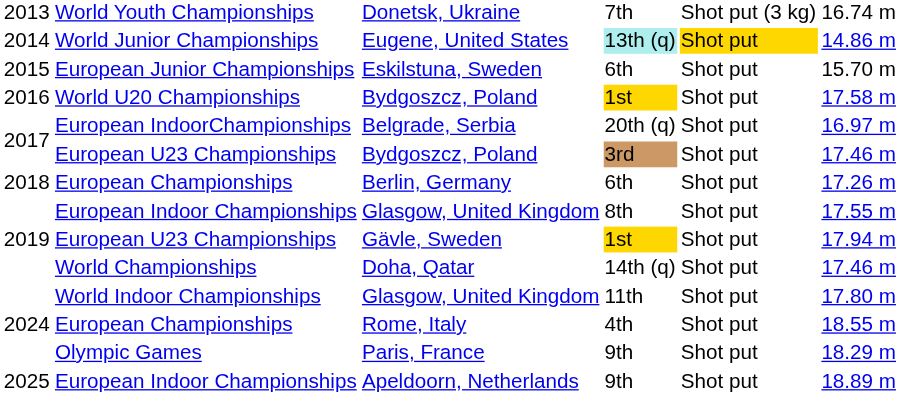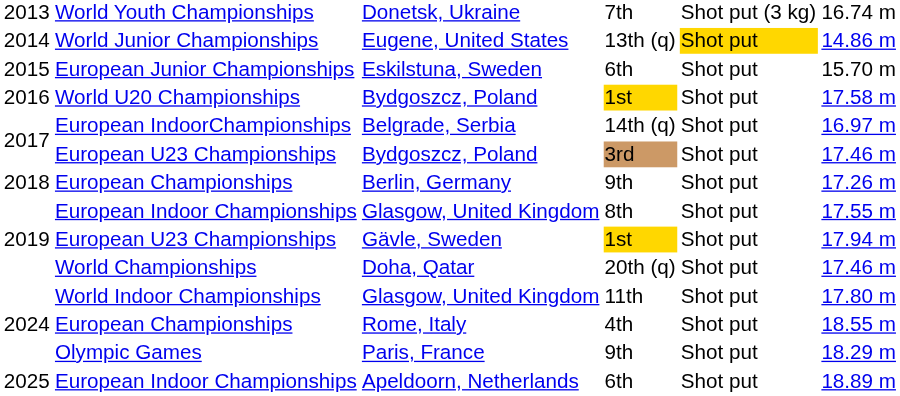 <table>
 <tr>
 <td>2013</td>
 <td><a href='#'>World Youth Championships</a></td>
 <td><a href='#'>Donetsk, Ukraine</a></td>
 <td>7th</td>
 <td>Shot put (3 kg)</td>
 <td>16.74 m</td>
 </tr>
 <tr>
 <td>2014</td>
 <td><a href='#'>World Junior Championships</a></td>
 <td><a href='#'>Eugene, United States</a></td>
-<td style="background: paleturquoise;">13th (q)</td>
+<td>13th (q)</td>
 <td style="background: gold;">Shot put</td>
 <td><a href='#'>14.86 m</a></td>
 </tr>
 <tr>
 <td>2015</td>
 <td><a href='#'>European Junior Championships</a></td>
 <td><a href='#'>Eskilstuna, Sweden</a></td>
 <td>6th</td>
 <td>Shot put</td>
 <td>15.70 m</td>
 </tr>
 <tr>
 <td>2016</td>
 <td><a href='#'>World U20 Championships</a></td>
 <td><a href='#'>Bydgoszcz, Poland</a></td>
 <td bgcolor=gold>1st</td>
 <td>Shot put</td>
 <td><a href='#'>17.58 m</a></td>
 </tr>
 <tr>
 <td rowspan=2>2017</td>
 <td><a href='#'>European IndoorChampionships</a></td>
 <td><a href='#'>Belgrade, Serbia</a></td>
-<td>20th (q)</td>
+<td>14th (q)</td>
 <td>Shot put</td>
 <td><a href='#'>16.97 m</a></td>
 </tr>
 <tr>
 <td><a href='#'>European U23 Championships</a></td>
 <td><a href='#'>Bydgoszcz, Poland</a></td>
 <td bgcolor=cc9966>3rd</td>
 <td>Shot put</td>
 <td><a href='#'>17.46 m</a></td>
 </tr>
 <tr>
 <td>2018</td>
 <td><a href='#'>European Championships</a></td>
 <td><a href='#'>Berlin, Germany</a></td>
-<td>6th</td>
+<td>9th</td>
 <td>Shot put</td>
 <td><a href='#'>17.26 m</a></td>
 </tr>
 <tr>
 <td rowspan=3>2019</td>
 <td><a href='#'>European Indoor Championships</a></td>
 <td><a href='#'>Glasgow, United Kingdom</a></td>
 <td>8th</td>
 <td>Shot put</td>
 <td><a href='#'>17.55 m</a></td>
 </tr>
 <tr>
 <td><a href='#'>European U23 Championships</a></td>
 <td><a href='#'>Gävle, Sweden</a></td>
 <td bgcolor=gold>1st</td>
 <td>Shot put</td>
 <td><a href='#'>17.94 m</a></td>
 </tr>
 <tr>
 <td><a href='#'>World Championships</a></td>
 <td><a href='#'>Doha, Qatar</a></td>
-<td>14th (q)</td>
+<td>20th (q)</td>
 <td>Shot put</td>
 <td><a href='#'>17.46 m</a></td>
 </tr>
 <tr>
 <td rowspan=3>2024</td>
 <td><a href='#'>World Indoor Championships</a></td>
 <td><a href='#'>Glasgow, United Kingdom</a></td>
 <td>11th</td>
 <td>Shot put</td>
 <td><a href='#'>17.80 m</a></td>
 </tr>
 <tr>
 <td><a href='#'>European Championships</a></td>
 <td><a href='#'>Rome, Italy</a></td>
 <td>4th</td>
 <td>Shot put</td>
 <td><a href='#'>18.55 m</a></td>
 </tr>
 <tr>
 <td><a href='#'>Olympic Games</a></td>
 <td><a href='#'>Paris, France</a></td>
 <td>9th</td>
 <td>Shot put</td>
 <td><a href='#'>18.29 m</a></td>
 </tr>
 <tr>
 <td>2025</td>
 <td><a href='#'>European Indoor Championships</a></td>
 <td><a href='#'>Apeldoorn, Netherlands</a></td>
-<td>9th</td>
+<td>6th</td>
 <td>Shot put</td>
 <td><a href='#'>18.89 m</a></td>
 </tr>
 </table>
